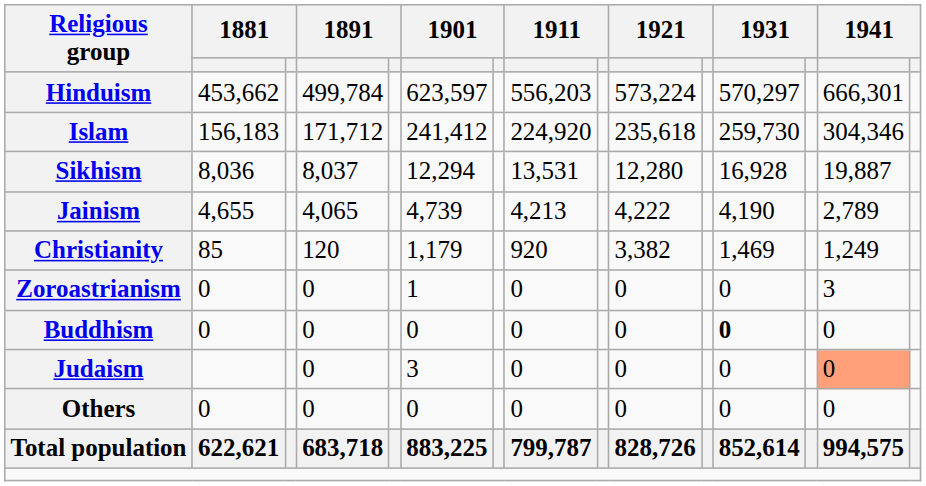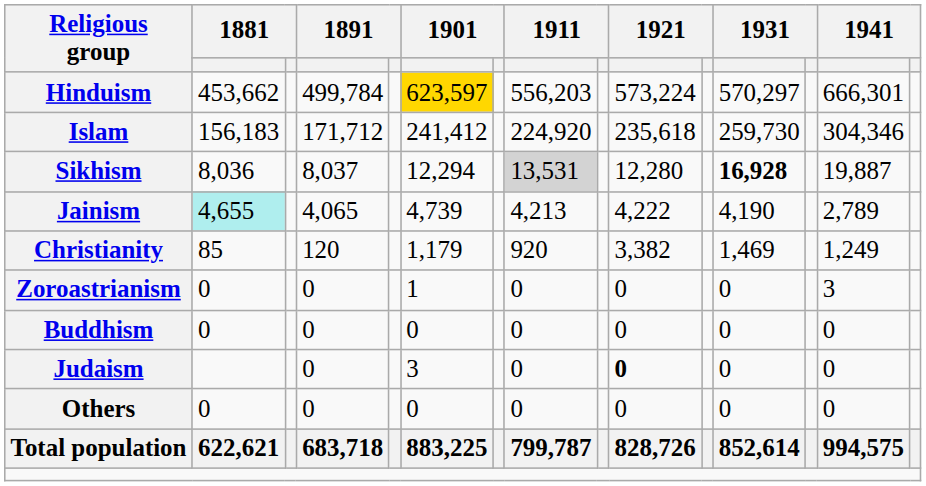 <table class="wikitable sortable">
 <tr>
 <th rowspan="2"><a href='#'>Religious</a><br>group</th>
 <th colspan="2">1881</th>
 <th colspan="2">1891</th>
 <th colspan="2">1901</th>
 <th colspan="2">1911</th>
 <th colspan="2">1921</th>
 <th colspan="2">1931</th>
 <th colspan="2">1941</th>
 </tr>
 <tr>
 <th><a href='#'></a></th>
 <th></th>
 <th></th>
 <th></th>
 <th></th>
 <th></th>
 <th></th>
 <th></th>
 <th></th>
 <th></th>
 <th></th>
 <th></th>
 <th></th>
 <th></th>
 </tr>
 <tr>
 <th><a href='#'>Hinduism</a> </th>
 <td>453,662</td>
 <td></td>
 <td>499,784</td>
 <td></td>
-<td>623,597</td>
+<td style="background: gold;">623,597</td>
 <td></td>
 <td>556,203</td>
 <td></td>
 <td>573,224</td>
 <td></td>
 <td>570,297</td>
 <td></td>
 <td>666,301</td>
 <td></td>
 </tr>
 <tr>
 <th><a href='#'>Islam</a> </th>
 <td>156,183</td>
 <td></td>
 <td>171,712</td>
 <td></td>
 <td>241,412</td>
 <td></td>
 <td>224,920</td>
 <td></td>
 <td>235,618</td>
 <td></td>
 <td>259,730</td>
 <td></td>
 <td>304,346</td>
 <td></td>
 </tr>
 <tr>
 <th><a href='#'>Sikhism</a> </th>
 <td>8,036</td>
 <td></td>
 <td>8,037</td>
 <td></td>
 <td>12,294</td>
 <td></td>
-<td>13,531</td>
+<td style="background: lightgrey;">13,531</td>
 <td></td>
 <td>12,280</td>
 <td></td>
-<td>16,928</td>
+<td><strong>16,928</strong></td>
 <td></td>
 <td>19,887</td>
 <td></td>
 </tr>
 <tr>
 <th><a href='#'>Jainism</a> </th>
-<td>4,655</td>
+<td style="background: paleturquoise;">4,655</td>
 <td></td>
 <td>4,065</td>
 <td></td>
 <td>4,739</td>
 <td></td>
 <td>4,213</td>
 <td></td>
 <td>4,222</td>
 <td></td>
 <td>4,190</td>
 <td></td>
 <td>2,789</td>
 <td></td>
 </tr>
 <tr>
 <th><a href='#'>Christianity</a> </th>
 <td>85</td>
 <td></td>
 <td>120</td>
 <td></td>
 <td>1,179</td>
 <td></td>
 <td>920</td>
 <td></td>
 <td>3,382</td>
 <td></td>
 <td>1,469</td>
 <td></td>
 <td>1,249</td>
 <td></td>
 </tr>
 <tr>
 <th><a href='#'>Zoroastrianism</a> </th>
 <td>0</td>
 <td></td>
 <td>0</td>
 <td></td>
 <td>1</td>
 <td></td>
 <td>0</td>
 <td></td>
 <td>0</td>
 <td></td>
 <td>0</td>
 <td></td>
 <td>3</td>
 <td></td>
 </tr>
 <tr>
 <th><a href='#'>Buddhism</a> </th>
 <td>0</td>
 <td></td>
 <td>0</td>
 <td></td>
 <td>0</td>
 <td></td>
 <td>0</td>
 <td></td>
 <td>0</td>
 <td></td>
-<td><strong>0</strong></td>
+<td>0</td>
 <td></td>
 <td>0</td>
 <td></td>
 </tr>
 <tr>
 <th><a href='#'>Judaism</a> </th>
 <td></td>
 <td></td>
 <td>0</td>
 <td></td>
 <td>3</td>
 <td></td>
 <td>0</td>
 <td></td>
+<td><strong>0</strong></td>
+<td></td>
 <td>0</td>
 <td></td>
 <td>0</td>
-<td></td>
-<td style="background: lightsalmon;">0</td>
 <td></td>
 </tr>
 <tr>
 <th>Others</th>
 <td>0</td>
 <td></td>
 <td>0</td>
 <td></td>
 <td>0</td>
 <td></td>
 <td>0</td>
 <td></td>
 <td>0</td>
 <td></td>
 <td>0</td>
 <td></td>
 <td>0</td>
 <td></td>
 </tr>
 <tr>
 <th>Total population</th>
 <th>622,621</th>
 <th></th>
 <th>683,718</th>
 <th></th>
 <th>883,225</th>
 <th></th>
 <th>799,787</th>
 <th></th>
 <th>828,726</th>
 <th></th>
 <th>852,614</th>
 <th></th>
 <th>994,575</th>
 <th></th>
 </tr>
 <tr class="sortbottom">
 <td colspan="15"></td>
 </tr>
 </table>
